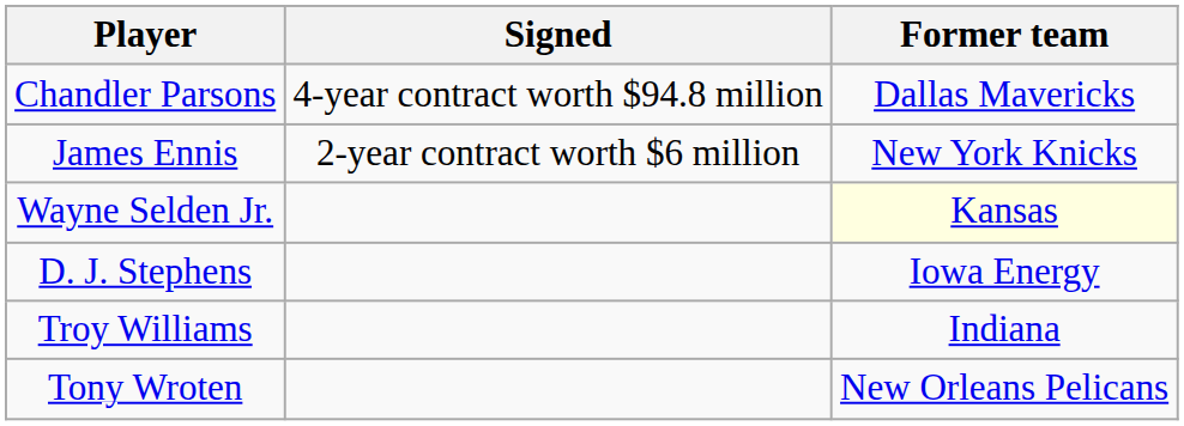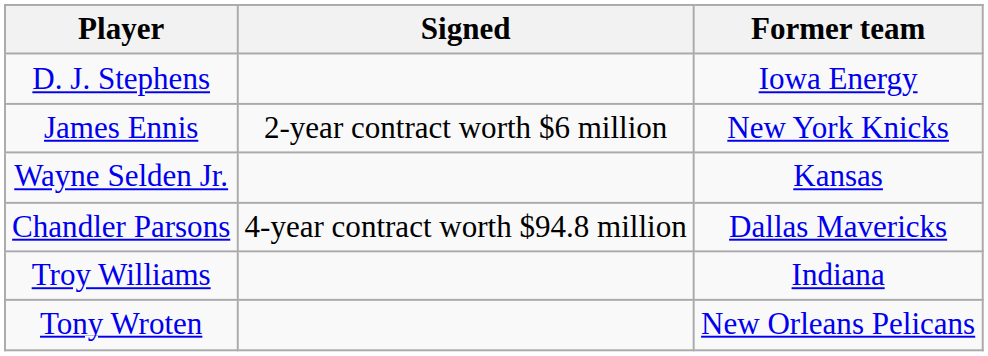 <table class="wikitable sortable sortable" style="text-align: center">
 <tr>
 <th>Player</th>
 <th>Signed</th>
 <th>Former team</th>
 </tr>
 <tr style="text-align: center">
-<td><a href='#'>Chandler Parsons</a></td>
-<td>4-year contract worth $94.8 million</td>
-<td><a href='#'>Dallas Mavericks</a></td>
+<td><a href='#'>D. J. Stephens</a></td>
+<td></td>
+<td><a href='#'>Iowa Energy</a></td>
 </tr>
 <tr style="text-align: center">
 <td><a href='#'>James Ennis</a></td>
 <td>2-year contract worth $6 million</td>
 <td><a href='#'>New York Knicks</a></td>
 </tr>
 <tr style="text-align: center">
 <td><a href='#'>Wayne Selden Jr.</a></td>
 <td></td>
-<td style="background: lightyellow;"><a href='#'>Kansas</a></td>
+<td><a href='#'>Kansas</a></td>
 </tr>
 <tr style="text-align: center">
-<td><a href='#'>D. J. Stephens</a></td>
-<td></td>
-<td><a href='#'>Iowa Energy</a></td>
+<td><a href='#'>Chandler Parsons</a></td>
+<td>4-year contract worth $94.8 million</td>
+<td><a href='#'>Dallas Mavericks</a></td>
 </tr>
 <tr style="text-align: center">
 <td><a href='#'>Troy Williams</a></td>
 <td></td>
 <td><a href='#'>Indiana</a></td>
 </tr>
 <tr style="text-align: center">
 <td><a href='#'>Tony Wroten</a></td>
 <td></td>
 <td><a href='#'>New Orleans Pelicans</a></td>
 </tr>
 </table>
